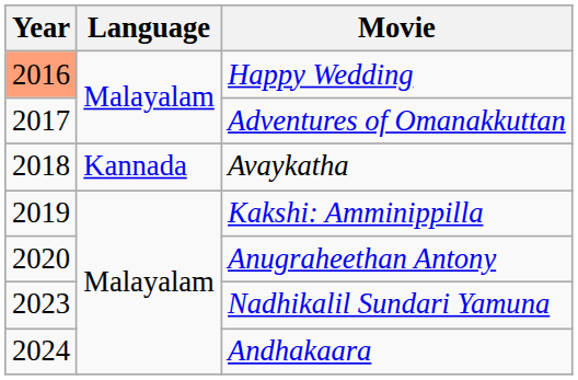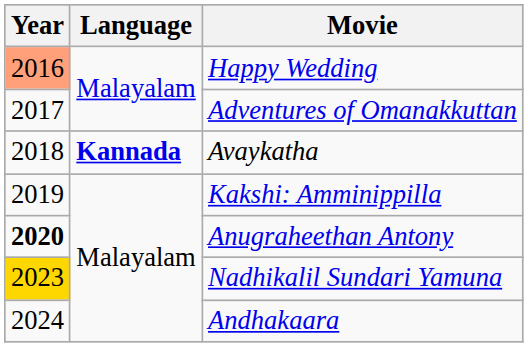 <table class="wikitable">
 <tr>
 <th>Year</th>
 <th>Language</th>
 <th>Movie</th>
 </tr>
 <tr>
 <td style="background: lightsalmon;">2016</td>
 <td rowspan="2"><a href='#'>Malayalam</a></td>
 <td><a href='#'><em>Happy Wedding</em></a></td>
 </tr>
 <tr>
 <td>2017</td>
 <td><a href='#'><em>Adventures of Omanakkuttan</em></a></td>
 </tr>
 <tr>
 <td>2018</td>
-<td><a href='#'>Kannada</a></td>
+<td><strong><a href='#'>Kannada</a></strong></td>
 <td><em>Avaykatha</em></td>
 </tr>
 <tr>
 <td>2019</td>
 <td rowspan="4">Malayalam</td>
 <td><em><a href='#'>Kakshi: Amminippilla</a></em></td>
 </tr>
 <tr>
-<td>2020</td>
+<td><strong>2020</strong></td>
 <td><em><a href='#'>Anugraheethan Antony</a></em></td>
 </tr>
 <tr>
-<td>2023</td>
+<td style="background: gold;">2023</td>
 <td><em><a href='#'>Nadhikalil Sundari Yamuna</a></em></td>
 </tr>
 <tr>
 <td>2024</td>
 <td><em><a href='#'>Andhakaara</a></em></td>
 </tr>
 </table>
